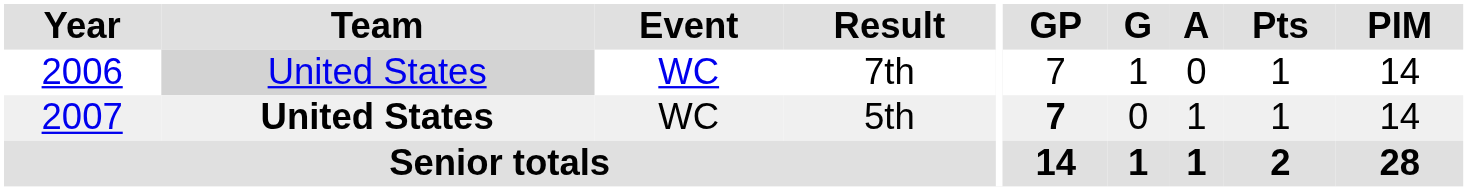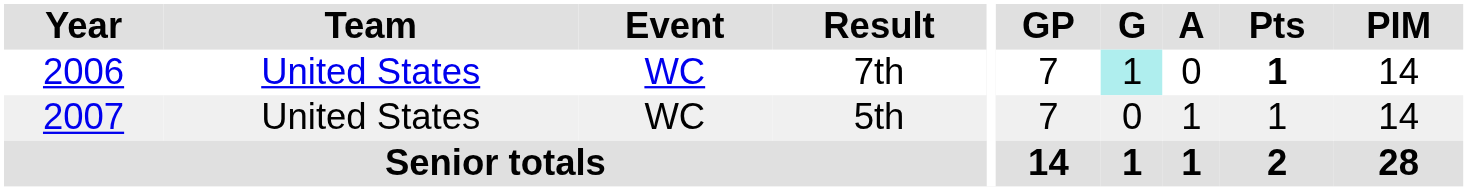 <table border="0" cellpadding="1" cellspacing="0" ID="Table3" style="text-align:center; width:40em">
 <tr ALIGN="center" bgcolor="#e0e0e0">
 <th>Year</th>
 <th>Team</th>
 <th>Event</th>
 <th>Result</th>
 <th rowspan="99" bgcolor="#ffffff"></th>
 <th>GP</th>
 <th>G</th>
 <th>A</th>
 <th>Pts</th>
 <th>PIM</th>
 </tr>
 <tr>
 <td><a href='#'>2006</a></td>
-<td style="background: lightgrey;"><a href='#'>United States</a></td>
+<td><a href='#'>United States</a></td>
 <td><a href='#'>WC</a></td>
 <td>7th</td>
 <td>7</td>
-<td>1</td>
+<td style="background: paleturquoise;">1</td>
 <td>0</td>
-<td>1</td>
+<td><strong>1</strong></td>
 <td>14</td>
 </tr>
 <tr bgcolor="#f0f0f0">
 <td><a href='#'>2007</a></td>
-<td><strong>United States</strong></td>
+<td>United States</td>
 <td>WC</td>
 <td>5th</td>
-<td><strong>7</strong></td>
+<td>7</td>
 <td>0</td>
 <td>1</td>
 <td>1</td>
 <td>14</td>
 </tr>
 <tr bgcolor="#e0e0e0">
 <th colspan=4>Senior totals</th>
 <th>14</th>
 <th>1</th>
 <th>1</th>
 <th>2</th>
 <th>28</th>
 </tr>
 </table>
